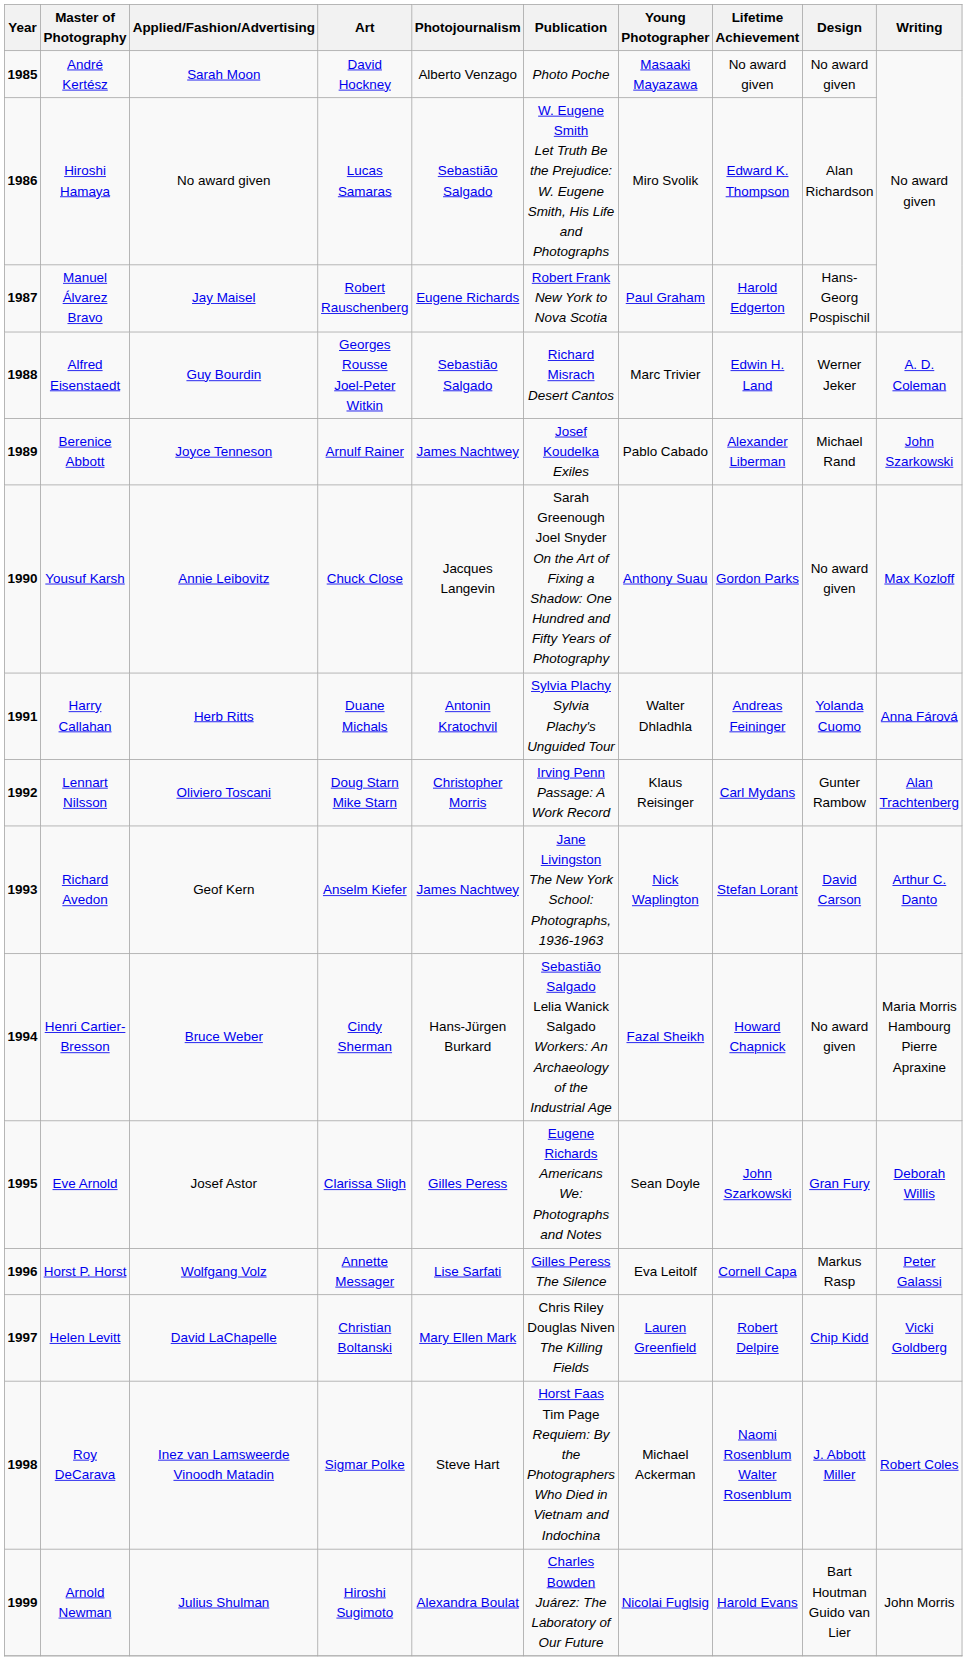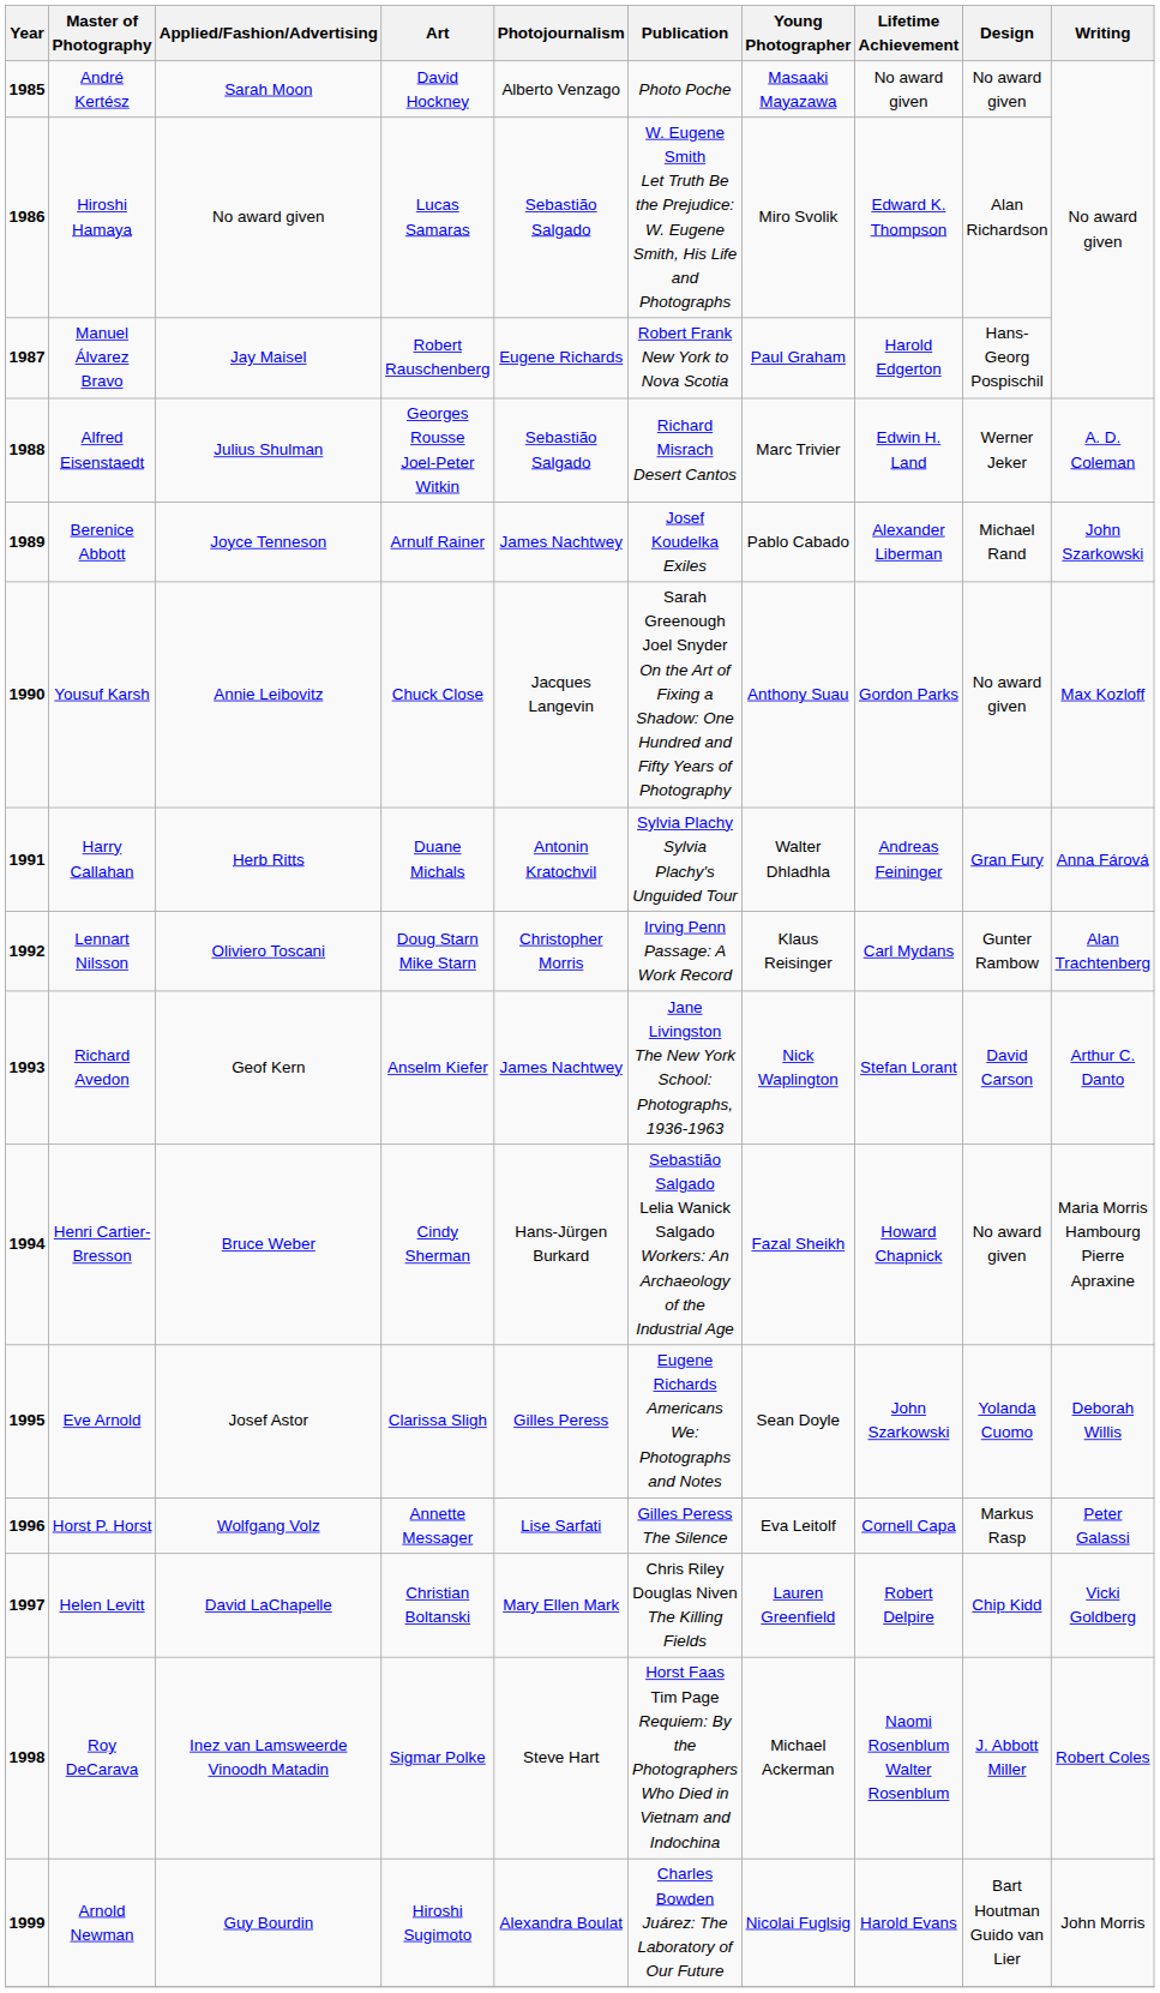 <table class="wikitable sortable" style="font-size:1.00em; line-height:1.5em;">
 <tr>
 <th><strong>Year</strong></th>
 <th><strong>Master of Photography</strong></th>
 <th><strong>Applied/Fashion/Advertising</strong></th>
 <th><strong>Art</strong></th>
 <th><strong>Photojournalism</strong></th>
 <th><strong>Publication</strong></th>
 <th><strong>Young Photographer</strong></th>
 <th><strong>Lifetime Achievement</strong></th>
 <th><strong>Design</strong></th>
 <th><strong>Writing</strong></th>
 </tr>
 <tr>
 <td align="center" valign="middle"><strong>1985</strong></td>
 <td align="center" valign="middle"><a href='#'>André Kertész</a></td>
 <td align="center" valign="middle"><a href='#'>Sarah Moon</a></td>
 <td align="center" valign="middle"><a href='#'>David Hockney</a></td>
 <td align="center" valign="middle">Alberto Venzago</td>
 <td align="center" valign="middle"><em>Photo Poche</em></td>
 <td align="center" valign="middle"><a href='#'>Masaaki Mayazawa</a></td>
 <td align="center" valign="middle">No award given</td>
 <td align="center" valign="middle">No award given</td>
 <td rowspan="3" align="center" valign="middle">No award given</td>
 </tr>
 <tr>
 <td align="center" valign="middle"><strong>1986</strong></td>
 <td align="center" valign="middle"><a href='#'>Hiroshi Hamaya</a></td>
 <td align="center" valign="middle">No award given</td>
 <td align="center" valign="middle"><a href='#'>Lucas Samaras</a></td>
 <td align="center" valign="middle"><a href='#'>Sebastião Salgado</a></td>
 <td align="center" valign="middle"><a href='#'>W. Eugene Smith</a><br><em>Let Truth Be the Prejudice: W. Eugene Smith, His Life and Photographs</em></td>
 <td align="center" valign="middle">Miro Svolik</td>
 <td align="center" valign="middle"><a href='#'>Edward K. Thompson</a></td>
 <td align="center" valign="middle">Alan Richardson</td>
 </tr>
 <tr>
 <td align="center" valign="middle"><strong>1987</strong></td>
 <td align="center" valign="middle"><a href='#'>Manuel Álvarez Bravo</a></td>
 <td align="center" valign="middle"><a href='#'>Jay Maisel</a></td>
 <td align="center" valign="middle"><a href='#'>Robert Rauschenberg</a></td>
 <td align="center" valign="middle"><a href='#'>Eugene Richards</a></td>
 <td align="center" valign="middle"><a href='#'>Robert Frank</a><br><em>New York to Nova Scotia</em></td>
 <td align="center" valign="middle"><a href='#'>Paul Graham</a></td>
 <td align="center" valign="middle"><a href='#'>Harold Edgerton</a></td>
 <td align="center" valign="middle">Hans-Georg Pospischil</td>
 </tr>
 <tr>
 <td align="center" valign="middle"><strong>1988</strong></td>
 <td align="center" valign="middle"><a href='#'>Alfred Eisenstaedt</a></td>
-<td align="center" valign="middle"><a href='#'>Guy Bourdin</a></td>
+<td align="center" valign="middle"><a href='#'>Julius Shulman</a></td>
 <td align="center" valign="middle"><a href='#'>Georges Rousse</a><br><a href='#'>Joel-Peter Witkin</a></td>
 <td align="center" valign="middle"><a href='#'>Sebastião Salgado</a></td>
 <td align="center" valign="middle"><a href='#'>Richard Misrach</a><br><em>Desert Cantos</em></td>
 <td align="center" valign="middle">Marc Trivier</td>
 <td align="center" valign="middle"><a href='#'>Edwin H. Land</a></td>
 <td align="center" valign="middle">Werner Jeker</td>
 <td align="center" valign="middle"><a href='#'>A. D. Coleman</a></td>
 </tr>
 <tr>
 <td align="center" valign="middle"><strong>1989</strong></td>
 <td align="center" valign="middle"><a href='#'>Berenice Abbott</a></td>
 <td align="center" valign="middle"><a href='#'>Joyce Tenneson</a></td>
 <td align="center" valign="middle"><a href='#'>Arnulf Rainer</a></td>
 <td align="center" valign="middle"><a href='#'>James Nachtwey</a></td>
 <td align="center" valign="middle"><a href='#'>Josef Koudelka</a><br><em>Exiles</em></td>
 <td align="center" valign="middle">Pablo Cabado</td>
 <td align="center" valign="middle"><a href='#'>Alexander Liberman</a></td>
 <td align="center" valign="middle">Michael Rand</td>
 <td align="center" valign="middle"><a href='#'>John Szarkowski</a></td>
 </tr>
 <tr>
 <td align="center" valign="middle"><strong>1990</strong></td>
 <td align="center" valign="middle"><a href='#'>Yousuf Karsh</a></td>
 <td align="center" valign="middle"><a href='#'>Annie Leibovitz</a></td>
 <td align="center" valign="middle"><a href='#'>Chuck Close</a></td>
 <td align="center" valign="middle">Jacques Langevin</td>
 <td align="center" valign="middle">Sarah Greenough<br>Joel Snyder<br><em>On the Art of Fixing a Shadow: One Hundred and Fifty Years of Photography</em></td>
 <td align="center" valign="middle"><a href='#'>Anthony Suau</a></td>
 <td align="center" valign="middle"><a href='#'>Gordon Parks</a></td>
 <td align="center" valign="middle">No award given</td>
 <td align="center" valign="middle"><a href='#'>Max Kozloff</a></td>
 </tr>
 <tr>
 <td align="center" valign="middle"><strong>1991</strong></td>
 <td align="center" valign="middle"><a href='#'>Harry Callahan</a></td>
 <td align="center" valign="middle"><a href='#'>Herb Ritts</a></td>
 <td align="center" valign="middle"><a href='#'>Duane Michals</a></td>
 <td align="center" valign="middle"><a href='#'>Antonin Kratochvil</a></td>
 <td align="center" valign="middle"><a href='#'>Sylvia Plachy</a><br><em>Sylvia Plachy's Unguided Tour</em></td>
 <td align="center" valign="middle">Walter Dhladhla</td>
 <td align="center" valign="middle"><a href='#'>Andreas Feininger</a></td>
-<td align="center" valign="middle"><a href='#'>Yolanda Cuomo</a></td>
+<td align="center" valign="middle"><a href='#'>Gran Fury</a></td>
 <td align="center" valign="middle"><a href='#'>Anna Fárová</a></td>
 </tr>
 <tr>
 <td align="center" valign="middle"><strong>1992</strong></td>
 <td align="center" valign="middle"><a href='#'>Lennart Nilsson</a></td>
 <td align="center" valign="middle"><a href='#'>Oliviero Toscani</a></td>
 <td align="center" valign="middle"><a href='#'>Doug Starn<br>Mike Starn</a></td>
 <td align="center" valign="middle"><a href='#'>Christopher Morris</a></td>
 <td align="center" valign="middle"><a href='#'>Irving Penn</a><br><em>Passage: A Work Record</em></td>
 <td align="center" valign="middle">Klaus Reisinger</td>
 <td align="center" valign="middle"><a href='#'>Carl Mydans</a></td>
 <td align="center" valign="middle">Gunter Rambow</td>
 <td align="center" valign="middle"><a href='#'>Alan Trachtenberg</a></td>
 </tr>
 <tr>
 <td align="center" valign="middle"><strong>1993</strong></td>
 <td align="center" valign="middle"><a href='#'>Richard Avedon</a></td>
 <td align="center" valign="middle">Geof Kern</td>
 <td align="center" valign="middle"><a href='#'>Anselm Kiefer</a></td>
 <td align="center" valign="middle"><a href='#'>James Nachtwey</a></td>
 <td align="center" valign="middle"><a href='#'>Jane Livingston</a><br><em>The New York School: Photographs, 1936-1963</em></td>
 <td align="center" valign="middle"><a href='#'>Nick Waplington</a></td>
 <td align="center" valign="middle"><a href='#'>Stefan Lorant</a></td>
 <td align="center" valign="middle"><a href='#'>David Carson</a></td>
 <td align="center" valign="middle"><a href='#'>Arthur C. Danto</a></td>
 </tr>
 <tr>
 <td align="center" valign="middle"><strong>1994</strong></td>
 <td align="center" valign="middle"><a href='#'>Henri Cartier-Bresson</a></td>
 <td align="center" valign="middle"><a href='#'>Bruce Weber</a></td>
 <td align="center" valign="middle"><a href='#'>Cindy Sherman</a></td>
 <td align="center" valign="middle">Hans-Jürgen Burkard</td>
 <td align="center" valign="middle"><a href='#'>Sebastião Salgado</a><br>Lelia Wanick Salgado<br><em>Workers: An Archaeology of the Industrial Age</em></td>
 <td align="center" valign="middle"><a href='#'>Fazal Sheikh</a></td>
 <td align="center" valign="middle"><a href='#'>Howard Chapnick</a></td>
 <td align="center" valign="middle">No award given</td>
 <td align="center" valign="middle">Maria Morris Hambourg<br>Pierre Apraxine</td>
 </tr>
 <tr>
 <td align="center" valign="middle"><strong>1995</strong></td>
 <td align="center" valign="middle"><a href='#'>Eve Arnold</a></td>
 <td align="center" valign="middle">Josef Astor</td>
 <td align="center" valign="middle"><a href='#'>Clarissa Sligh</a></td>
 <td align="center" valign="middle"><a href='#'>Gilles Peress</a></td>
 <td align="center" valign="middle"><a href='#'>Eugene Richards</a><br><em>Americans We: Photographs and Notes</em></td>
 <td align="center" valign="middle">Sean Doyle</td>
 <td align="center" valign="middle"><a href='#'>John Szarkowski</a></td>
-<td align="center" valign="middle"><a href='#'>Gran Fury</a></td>
+<td align="center" valign="middle"><a href='#'>Yolanda Cuomo</a></td>
 <td align="center" valign="middle"><a href='#'>Deborah Willis</a></td>
 </tr>
 <tr>
 <td align="center" valign="middle"><strong>1996</strong></td>
 <td align="center" valign="middle"><a href='#'>Horst P. Horst</a></td>
 <td align="center" valign="middle"><a href='#'>Wolfgang Volz</a></td>
 <td align="center" valign="middle"><a href='#'>Annette Messager</a></td>
 <td align="center" valign="middle"><a href='#'>Lise Sarfati</a></td>
 <td align="center" valign="middle"><a href='#'>Gilles Peress</a><br><em>The Silence</em></td>
 <td align="center" valign="middle">Eva Leitolf</td>
 <td align="center" valign="middle"><a href='#'>Cornell Capa</a></td>
 <td align="center" valign="middle">Markus Rasp</td>
 <td align="center" valign="middle"><a href='#'>Peter Galassi</a></td>
 </tr>
 <tr>
 <td align="center" valign="middle"><strong>1997</strong></td>
 <td align="center" valign="middle"><a href='#'>Helen Levitt</a></td>
 <td align="center" valign="middle"><a href='#'>David LaChapelle</a></td>
 <td align="center" valign="middle"><a href='#'>Christian Boltanski</a></td>
 <td align="center" valign="middle"><a href='#'>Mary Ellen Mark</a></td>
 <td align="center" valign="middle">Chris Riley<br>Douglas Niven<br><em>The Killing Fields</em></td>
 <td align="center" valign="middle"><a href='#'>Lauren Greenfield</a></td>
 <td align="center" valign="middle"><a href='#'>Robert Delpire</a></td>
 <td align="center" valign="middle"><a href='#'>Chip Kidd</a></td>
 <td align="center" valign="middle"><a href='#'>Vicki Goldberg</a></td>
 </tr>
 <tr>
 <td align="center" valign="middle"><strong>1998</strong></td>
 <td align="center" valign="middle"><a href='#'>Roy DeCarava</a></td>
 <td align="center" valign="middle"><a href='#'>Inez van Lamsweerde</a><br><a href='#'>Vinoodh Matadin</a></td>
 <td align="center" valign="middle"><a href='#'>Sigmar Polke</a></td>
 <td align="center" valign="middle">Steve Hart</td>
 <td align="center" valign="middle"><a href='#'>Horst Faas</a><br>Tim Page<br><em>Requiem: By the Photographers Who Died in Vietnam and Indochina</em></td>
 <td align="center" valign="middle">Michael Ackerman</td>
 <td align="center" valign="middle"><a href='#'>Naomi Rosenblum</a><br><a href='#'>Walter Rosenblum</a></td>
 <td align="center" valign="middle"><a href='#'>J. Abbott Miller</a></td>
 <td align="center" valign="middle"><a href='#'>Robert Coles</a></td>
 </tr>
 <tr>
 <td align="center" valign="middle"><strong>1999</strong></td>
 <td align="center" valign="middle"><a href='#'>Arnold Newman</a></td>
-<td align="center" valign="middle"><a href='#'>Julius Shulman</a></td>
+<td align="center" valign="middle"><a href='#'>Guy Bourdin</a></td>
 <td align="center" valign="middle"><a href='#'>Hiroshi Sugimoto</a></td>
 <td align="center" valign="middle"><a href='#'>Alexandra Boulat</a></td>
 <td align="center" valign="middle"><a href='#'>Charles Bowden</a><br><em>Juárez: The Laboratory of Our Future</em></td>
 <td align="center" valign="middle"><a href='#'>Nicolai Fuglsig</a></td>
 <td align="center" valign="middle"><a href='#'>Harold Evans</a></td>
 <td align="center" valign="middle">Bart Houtman<br>Guido van Lier</td>
 <td align="center" valign="middle">John Morris</td>
 </tr>
 <tr>
 </tr>
 </table>
